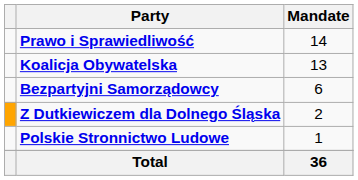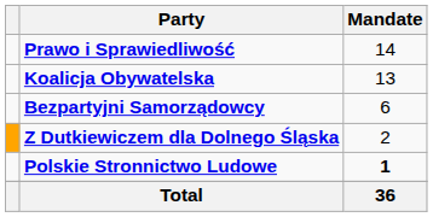 <table class="wikitable">
 <tr>
 <th width=5></th>
 <th>Party</th>
 <th>Mandate</th>
 </tr>
 <tr>
 <td style="background:"></td>
 <td><strong><a href='#'>Prawo i Sprawiedliwość</a></strong></td>
 <td align="center">14</td>
 </tr>
 <tr>
 <td style="background:"></td>
 <td><strong><a href='#'>Koalicja Obywatelska</a></strong></td>
 <td align="center">13</td>
 </tr>
 <tr>
 <td style="background:"></td>
 <td><strong><a href='#'>Bezpartyjni Samorządowcy</a></strong></td>
 <td align="center">6</td>
 </tr>
 <tr>
 <td style="background:orange"></td>
 <td><strong><a href='#'>Z Dutkiewiczem dla Dolnego Śląska</a></strong></td>
 <td align="center">2</td>
 </tr>
 <tr>
 <td style="background:"></td>
 <td><strong><a href='#'>Polskie Stronnictwo Ludowe</a></strong></td>
-<td align="center">1</td>
+<td align="center"><strong>1</strong></td>
 </tr>
 <tr>
 </tr>
 <tr bgcolor="#ececec">
 <th></th>
 <th>Total</th>
 <th align="center">36</th>
 </tr>
 </table>
